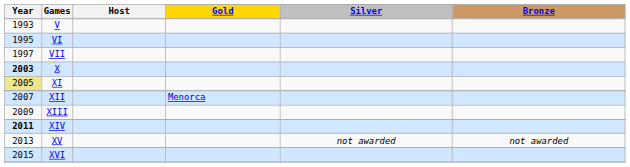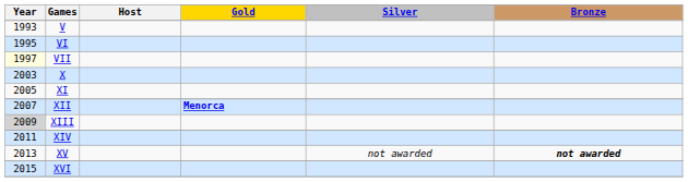 <table class="wikitable" style="text-align: center; font-size:95%;">
 <tr>
 <th rowspan="2" style="width:6%;">Year</th>
 <th rowspan="2" style="width:5%;">Games</th>
 <th rowspan="2" style="width:15%;">Host</th>
 </tr>
 <tr>
 <th style="background-color: gold"><a href='#'>Gold</a></th>
 <th style="background-color: silver"><a href='#'>Silver</a></th>
 <th style="background-color: #CC9966"><a href='#'>Bronze</a></th>
 </tr>
 <tr>
 </tr>
 <tr>
 <td>1993</td>
 <td align=center><a href='#'>V</a></td>
 <td align="left"></td>
 <td align= "left"></td>
 <td align="left"></td>
 <td align= "left"></td>
 </tr>
 <tr style="text-align:center; background:#d0e7ff;">
 <td>1995</td>
 <td align=center><a href='#'>VI</a></td>
 <td align="left"></td>
 <td align= "left"></td>
 <td align="left"></td>
 <td align= "left"></td>
 </tr>
 <tr>
-<td>1997</td>
+<td style="background: lightyellow;">1997</td>
 <td align=center><a href='#'>VII</a></td>
 <td align= "left"></td>
 <td align= "left"></td>
 <td align= "left"></td>
 <td align= "left"></td>
 </tr>
 <tr style="text-align:center; background:#d0e7ff;">
-<td><strong>2003</strong></td>
+<td>2003</td>
 <td align=center><a href='#'>X</a></td>
 <td align= "left"></td>
 <td align="left"></td>
 <td align="left"></td>
 <td align="left"> <br> </td>
 </tr>
 <tr>
-<td style="background: khaki;">2005</td>
+<td>2005</td>
 <td align=center><a href='#'>XI</a></td>
 <td align="left"></td>
 <td align="left"></td>
 <td align="left"></td>
 <td></td>
 </tr>
 <tr>
 </tr>
 <tr style="text-align:center; background:#d0e7ff;">
 <td>2007</td>
 <td align=center><a href='#'>XII</a></td>
 <td align= "left"></td>
-<td align= "left"> <a href='#'>Menorca</a></td>
+<td align= "left"><strong> <a href='#'>Menorca</a></strong></td>
 <td align= "left"></td>
 <td></td>
 </tr>
 <tr>
-<td>2009</td>
+<td style="background: lightgrey;">2009</td>
 <td align=center><a href='#'>XIII</a></td>
 <td align= "left"></td>
 <td align= "left"></td>
 <td align= "left"></td>
 <td></td>
 </tr>
 <tr>
 </tr>
 <tr style="text-align:center; background:#d0e7ff;">
-<td><strong>2011</strong></td>
+<td>2011</td>
 <td align=center><a href='#'>XIV</a></td>
 <td align= "left"></td>
 <td align= "left"></td>
 <td align= "left"></td>
 <td align= "left"></td>
 </tr>
 <tr>
 <td>2013</td>
 <td align=center><a href='#'>XV</a></td>
 <td align= "left"></td>
 <td align= "left"></td>
 <td><em>not awarded</em></td>
-<td><em>not awarded</em></td>
+<td><strong><em>not awarded</em></strong></td>
 </tr>
 <tr>
 </tr>
 <tr style="text-align:center; background:#d0e7ff;">
 <td>2015</td>
 <td align=center><a href='#'>XVI</a></td>
 <td align= "left"></td>
 <td align= "left"></td>
 <td align= "left"></td>
 <td align= "left"></td>
 </tr>
 <tr>
 </tr>
 </table>
